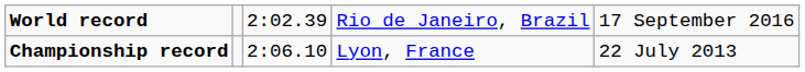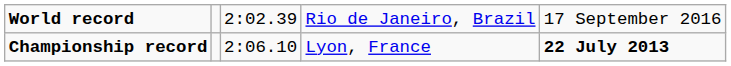 <table class="wikitable">
 <tr>
 <td><strong>World record</strong></td>
 <td></td>
 <td>2:02.39</td>
 <td><a href='#'>Rio de Janeiro</a>, <a href='#'>Brazil</a></td>
 <td>17 September 2016</td>
 </tr>
 <tr>
 <td><strong>Championship record</strong></td>
 <td></td>
 <td>2:06.10</td>
 <td><a href='#'>Lyon</a>, <a href='#'>France</a></td>
-<td>22 July 2013</td>
+<td><strong>22 July 2013</strong></td>
 </tr>
 </table>
